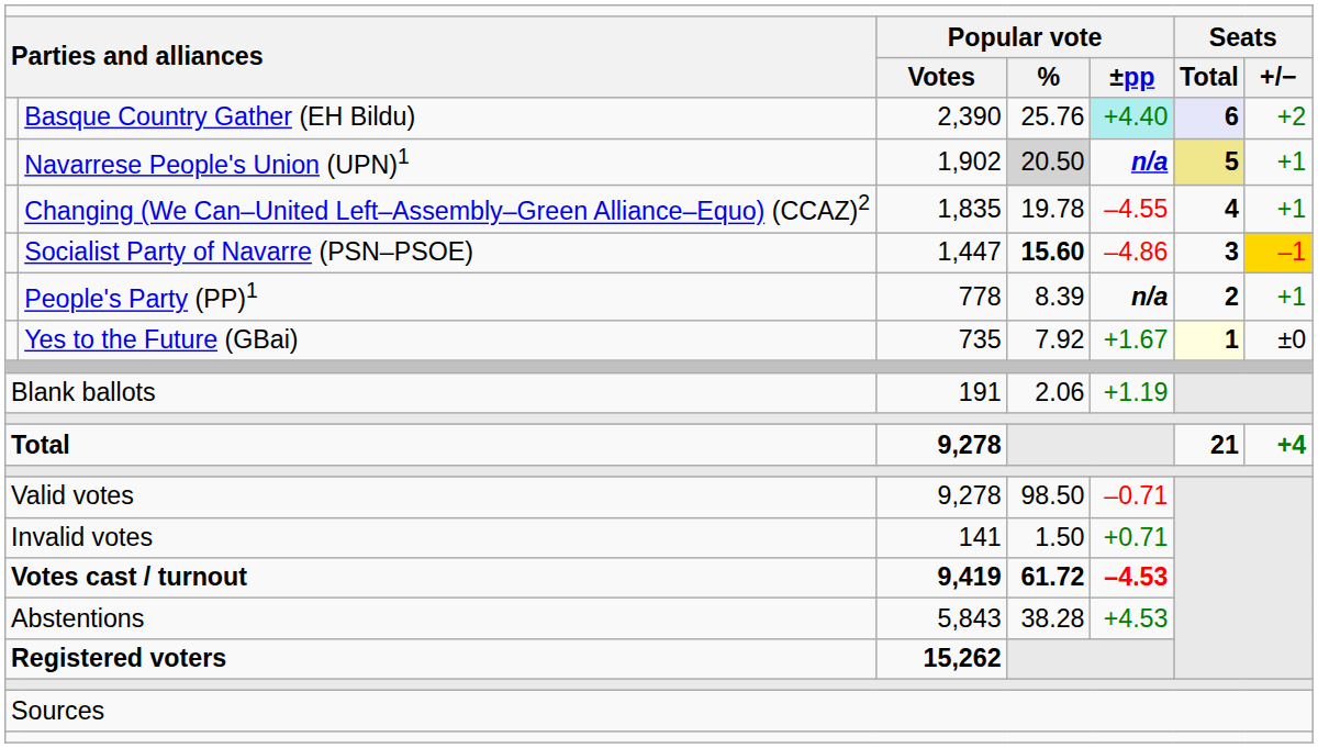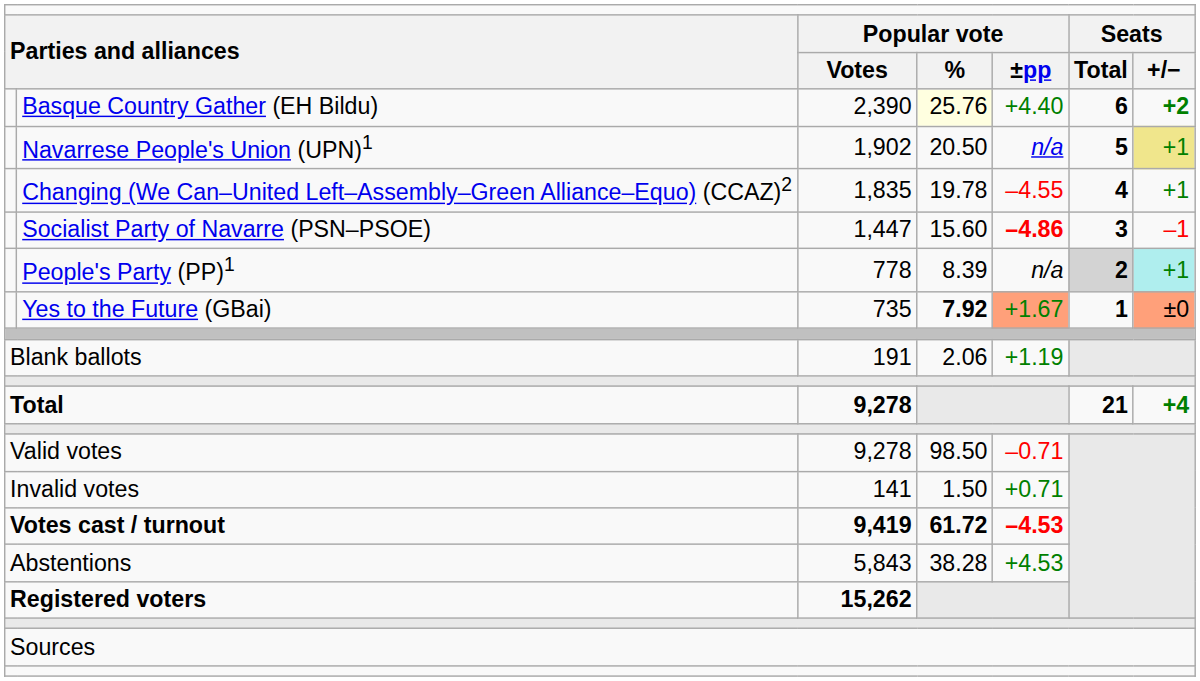 <table class="wikitable" style="text-align:right;">
 <tr>
 <td colspan="7"></td>
 </tr>
 <tr>
 <th style="text-align:left;" rowspan="2" colspan="2" width="525">Parties and alliances</th>
 <th colspan="3">Popular vote</th>
 <th colspan="2">Seats</th>
 </tr>
 <tr>
 <th width="75">Votes</th>
 <th width="45">%</th>
 <th width="45">±<a href='#'>pp</a></th>
 <th width="35">Total</th>
 <th width="35">+/−</th>
 </tr>
 <tr>
 <td width="1" style="color:inherit;background:"></td>
 <td align="left"><a href='#'>Basque Country Gather</a> (EH Bildu)</td>
 <td>2,390</td>
-<td>25.76</td>
-<td style="background: paleturquoise; color:green;">+4.40</td>
-<td style="background: lavender;"><strong>6</strong></td>
-<td style="color:green;">+2</td>
+<td style="background: lightyellow;">25.76</td>
+<td style="color:green;">+4.40</td>
+<td><strong>6</strong></td>
+<td style="color:green;"><strong>+2</strong></td>
 </tr>
 <tr>
 <td style="color:inherit;background:"></td>
 <td align="left"><a href='#'>Navarrese People's Union</a> (UPN)<sup>1</sup></td>
 <td>1,902</td>
-<td style="background: lightgrey;">20.50</td>
-<td><strong><em><a href='#'>n/a</a></em></strong></td>
-<td style="background: khaki;"><strong>5</strong></td>
-<td style="color:green;">+1</td>
+<td>20.50</td>
+<td><em><a href='#'>n/a</a></em></td>
+<td><strong>5</strong></td>
+<td style="background: khaki; color:green;">+1</td>
 </tr>
 <tr>
 <td style="color:inherit;background:"></td>
 <td align="left"><a href='#'>Changing (We Can–United Left–Assembly–Green Alliance–Equo)</a> (CCAZ)<sup>2</sup></td>
 <td>1,835</td>
 <td>19.78</td>
 <td style="color:red;">–4.55</td>
 <td><strong>4</strong></td>
 <td style="color:green;">+1</td>
 </tr>
 <tr>
 <td style="color:inherit;background:"></td>
 <td align="left"><a href='#'>Socialist Party of Navarre</a> (PSN–PSOE)</td>
 <td>1,447</td>
-<td><strong>15.60</strong></td>
-<td style="color:red;">–4.86</td>
+<td>15.60</td>
+<td style="color:red;"><strong>–4.86</strong></td>
 <td><strong>3</strong></td>
-<td style="background: gold; color:red;">–1</td>
+<td style="color:red;">–1</td>
 </tr>
 <tr>
 <td style="color:inherit;background:"></td>
 <td align="left"><a href='#'>People's Party</a> (PP)<sup>1</sup></td>
 <td>778</td>
 <td>8.39</td>
-<td><strong><em>n/a</em></strong></td>
-<td><strong>2</strong></td>
-<td style="color:green;">+1</td>
+<td><em>n/a</em></td>
+<td style="background: lightgrey;"><strong>2</strong></td>
+<td style="background: paleturquoise; color:green;">+1</td>
 </tr>
 <tr>
 <td style="color:inherit;background:"></td>
 <td align="left"><a href='#'>Yes to the Future</a> (GBai)</td>
 <td>735</td>
-<td>7.92</td>
-<td style="color:green;">+1.67</td>
-<td style="background: lightyellow;"><strong>1</strong></td>
-<td>±0</td>
+<td><strong>7.92</strong></td>
+<td style="background: lightsalmon; color:green;">+1.67</td>
+<td><strong>1</strong></td>
+<td style="background: lightsalmon;">±0</td>
 </tr>
 <tr>
 <td colspan="7" bgcolor="#C0C0C0"></td>
 </tr>
 <tr>
 <td align="left" colspan="2">Blank ballots</td>
 <td>191</td>
 <td>2.06</td>
 <td style="color:green;">+1.19</td>
 <td bgcolor="#E9E9E9" colspan="2"></td>
 </tr>
 <tr>
 <td colspan="7" bgcolor="#E9E9E9"></td>
 </tr>
 <tr style="font-weight:bold;">
 <td align="left" colspan="2">Total</td>
 <td>9,278</td>
 <td bgcolor="#E9E9E9" colspan="2"></td>
 <td>21</td>
 <td style="color:green;">+4</td>
 </tr>
 <tr>
 <td colspan="7" bgcolor="#E9E9E9"></td>
 </tr>
 <tr>
 <td align="left" colspan="2">Valid votes</td>
 <td>9,278</td>
 <td>98.50</td>
 <td style="color:red;">–0.71</td>
 <td bgcolor="#E9E9E9" colspan="2" rowspan="5"></td>
 </tr>
 <tr>
 <td align="left" colspan="2">Invalid votes</td>
 <td>141</td>
 <td>1.50</td>
 <td style="color:green;">+0.71</td>
 </tr>
 <tr style="font-weight:bold;">
 <td align="left" colspan="2">Votes cast / turnout</td>
 <td>9,419</td>
 <td>61.72</td>
 <td style="color:red;">–4.53</td>
 </tr>
 <tr>
 <td align="left" colspan="2">Abstentions</td>
 <td>5,843</td>
 <td>38.28</td>
 <td style="color:green;">+4.53</td>
 </tr>
 <tr style="font-weight:bold;">
 <td align="left" colspan="2">Registered voters</td>
 <td>15,262</td>
 <td bgcolor="#E9E9E9" colspan="2"></td>
 </tr>
 <tr>
 <td colspan="7" bgcolor="#E9E9E9"></td>
 </tr>
 <tr>
 <td align="left" colspan="7">Sources</td>
 </tr>
 <tr>
 <td colspan="7" style="text-align:left; max-width:790px;"></td>
 </tr>
 </table>
